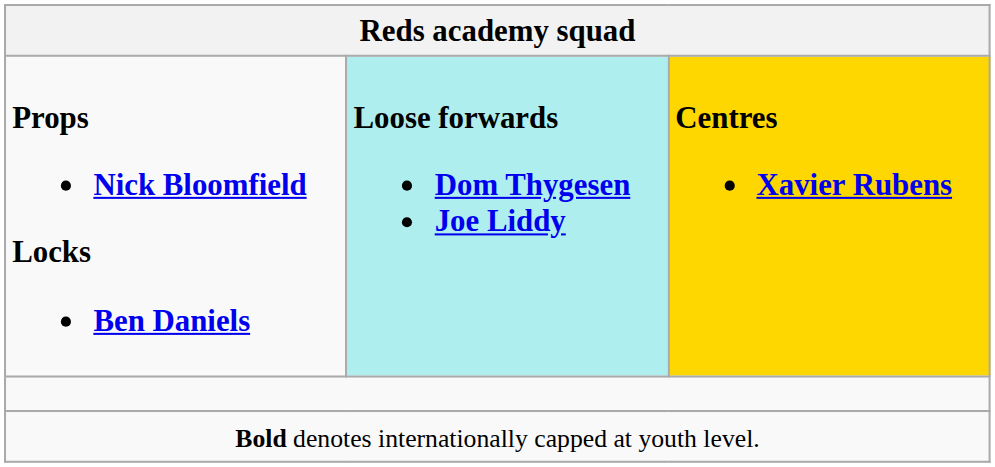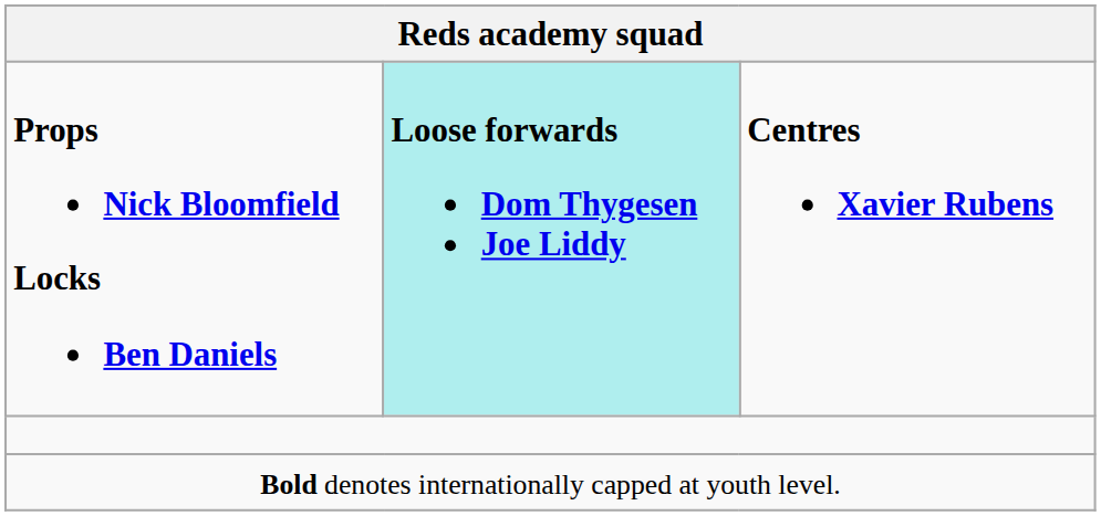 <table class="wikitable" style="text-align:left; font-size:95%; min-width:55%">
 <tr>
 <th colspan="100%">Reds academy squad</th>
 </tr>
 <tr valign="top">
 <td><br><strong>Props</strong><ul><li> <strong><a href='#'>Nick Bloomfield</a></strong></li></ul><strong>Locks</strong><ul><li> <strong><a href='#'>Ben Daniels</a></strong></li></ul></td>
 <td style="background: paleturquoise;"><br><strong>Loose forwards</strong><ul><li> <strong><a href='#'>Dom Thygesen</a></strong></li><li> <strong><a href='#'>Joe Liddy</a></strong></li></ul></td>
-<td style="background: gold;"><br><strong>Centres</strong><ul><li> <strong><a href='#'>Xavier Rubens</a></strong></li></ul></td>
+<td><br><strong>Centres</strong><ul><li> <strong><a href='#'>Xavier Rubens</a></strong></li></ul></td>
 </tr>
 <tr>
 <td colspan="100%" style="height: 10px;"></td>
 </tr>
 <tr>
 <td colspan="100%" style="text-align:center;"><small><strong>Bold</strong> denotes internationally capped at youth level.</small></td>
 </tr>
 </table>
